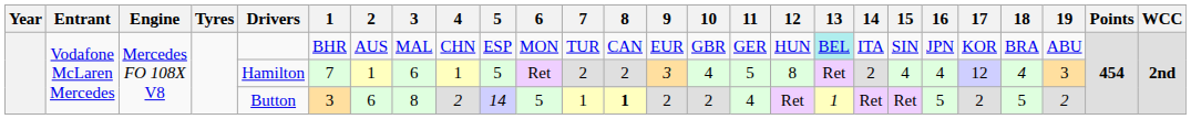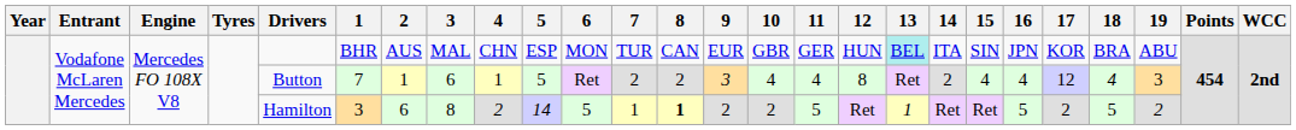 <table class="wikitable" style="text-align:center; font-size:95%">
 <tr>
 <th>Year</th>
 <th>Entrant</th>
 <th>Engine</th>
 <th>Tyres</th>
 <th>Drivers</th>
 <th>1</th>
 <th>2</th>
 <th>3</th>
 <th>4</th>
 <th>5</th>
 <th>6</th>
 <th>7</th>
 <th>8</th>
 <th>9</th>
 <th>10</th>
 <th>11</th>
 <th>12</th>
 <th>13</th>
 <th>14</th>
 <th>15</th>
 <th>16</th>
 <th>17</th>
 <th>18</th>
 <th>19</th>
 <th>Points</th>
 <th>WCC</th>
 </tr>
 <tr>
 <th rowspan=3></th>
 <td rowspan=3><a href='#'>Vodafone McLaren Mercedes</a></td>
 <td rowspan=3><a href='#'>Mercedes</a> <em>FO 108X</em> <a href='#'>V8</a></td>
 <td rowspan=3></td>
 <td></td>
 <td><a href='#'>BHR</a></td>
 <td><a href='#'>AUS</a></td>
 <td><a href='#'>MAL</a></td>
 <td><a href='#'>CHN</a></td>
 <td><a href='#'>ESP</a></td>
 <td><a href='#'>MON</a></td>
 <td><a href='#'>TUR</a></td>
 <td><a href='#'>CAN</a></td>
 <td><a href='#'>EUR</a></td>
 <td><a href='#'>GBR</a></td>
 <td><a href='#'>GER</a></td>
 <td><a href='#'>HUN</a></td>
 <td style="background: paleturquoise;"><a href='#'>BEL</a></td>
 <td><a href='#'>ITA</a></td>
 <td><a href='#'>SIN</a></td>
 <td><a href='#'>JPN</a></td>
 <td><a href='#'>KOR</a></td>
 <td><a href='#'>BRA</a></td>
 <td><a href='#'>ABU</a></td>
 <td rowspan=3 style="background-color:#DFDFDF"><strong>454</strong></td>
 <td rowspan=3 style="background-color:#DFDFDF"><strong>2nd</strong></td>
 </tr>
 <tr>
-<td><a href='#'>Hamilton</a></td>
+<td><a href='#'>Button</a></td>
 <td style="background-color:#DFFFDF">7</td>
 <td style="background-color:#FFFFBF">1</td>
 <td style="background-color:#DFFFDF">6</td>
 <td style="background-color:#FFFFBF">1</td>
 <td style="background-color:#DFFFDF">5</td>
 <td style="background-color:#efcfff">Ret</td>
 <td style="background-color:#DFDFDF">2</td>
 <td style="background-color:#DFDFDF">2</td>
 <td style="background-color:#FFDF9F"><em>3</em></td>
 <td style="background-color:#DFFFDF">4</td>
-<td style="background-color:#DFFFDF">5</td>
+<td style="background-color:#DFFFDF">4</td>
 <td style="background-color:#DFFFDF">8</td>
 <td style="background-color:#efcfff">Ret</td>
 <td style="background-color:#DFDFDF">2</td>
 <td style="background-color:#DFFFDF">4</td>
 <td style="background-color:#DFFFDF">4</td>
 <td style="background-color:#CFCFFF">12</td>
 <td style="background-color:#DFFFDF"><em>4</em></td>
 <td style="background-color:#FFDF9F">3</td>
 </tr>
 <tr>
-<td><a href='#'>Button</a></td>
+<td><a href='#'>Hamilton</a></td>
 <td style="background-color:#FFDF9F">3</td>
 <td style="background-color:#DFFFDF">6</td>
 <td style="background-color:#DFFFDF">8</td>
 <td style="background-color:#DFDFDF"><em>2</em></td>
 <td style="background-color:#cfcfff"><em>14</em></td>
 <td style="background-color:#DFFFDF">5</td>
 <td style="background-color:#FFFFBF">1</td>
 <td style="background-color:#FFFFBF"><strong>1</strong></td>
 <td style="background-color:#DFDFDF">2</td>
 <td style="background-color:#DFDFDF">2</td>
-<td style="background-color:#DFFFDF">4</td>
+<td style="background-color:#DFFFDF">5</td>
 <td style="background-color:#efcfff">Ret</td>
 <td style="background-color:#FFFFBF"><em>1</em></td>
 <td style="background-color:#efcfff">Ret</td>
 <td style="background-color:#efcfff">Ret</td>
 <td style="background-color:#DFFFDF">5</td>
 <td style="background-color:#DFDFDF">2</td>
 <td style="background-color:#DFFFDF">5</td>
 <td style="background-color:#DFDFDF"><em>2</em></td>
 </tr>
 </table>
